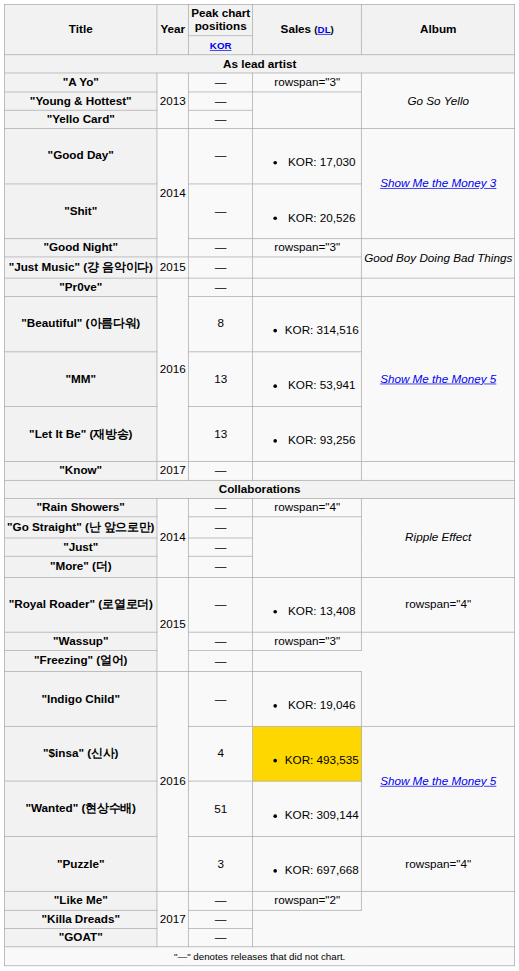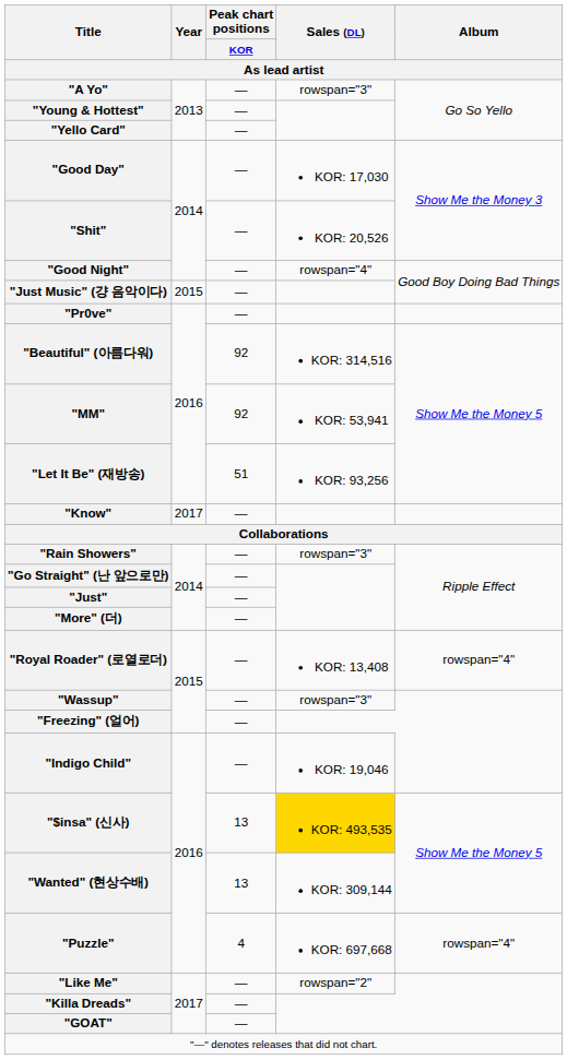 <table class="wikitable plainrowheaders" style="text-align:center;">
 <tr>
 <th scope="col" rowspan="2">Title</th>
 <th scope="col" rowspan="2">Year</th>
 <th scope="col" colspan="1">Peak chart <br> positions</th>
 <th scope="col" rowspan="2">Sales <small>(<a href='#'>DL</a>)</small></th>
 <th scope="col" rowspan="2">Album</th>
 </tr>
 <tr>
 <th><small><a href='#'>KOR</a></small><br></th>
 </tr>
 <tr>
 <th scope="col" colspan="5">As lead artist</th>
 </tr>
 <tr>
 <th scope="row">"A Yo"</th>
 <td rowspan="3">2013</td>
 <td>—</td>
 <td>rowspan="3" </td>
 <td rowspan="3"><em>Go So Yello</em></td>
 </tr>
 <tr>
 <th scope="row">"Young & Hottest"<br></th>
 <td>—</td>
 </tr>
 <tr>
 <th scope="row">"Yello Card"<br></th>
 <td>—</td>
 </tr>
 <tr>
 <th scope="row">"Good Day"<br></th>
 <td rowspan="3">2014</td>
 <td>—</td>
 <td><br><ul><li>KOR: 17,030</li></ul></td>
 <td rowspan="2"><em><a href='#'>Show Me the Money 3</a></em></td>
 </tr>
 <tr>
 <th scope="row">"Shit"</th>
 <td>—</td>
 <td><br><ul><li>KOR: 20,526</li></ul></td>
 </tr>
 <tr>
 <th scope="row">"Good Night"</th>
 <td>—</td>
-<td>rowspan="3" </td>
+<td>rowspan="4" </td>
 <td rowspan="2"><em>Good Boy Doing Bad Things</em></td>
 </tr>
 <tr>
 <th scope="row">"Just Music" (걍 음악이다)<br></th>
 <td>2015</td>
 <td>—</td>
 </tr>
 <tr>
 <th scope="row">"Pr0ve"</th>
 <td rowspan="4">2016</td>
 <td>—</td>
 <td></td>
 </tr>
 <tr>
 <th scope="row">"Beautiful" (아름다워)<br></th>
-<td>8</td>
+<td>92</td>
 <td><br><ul><li>KOR: 314,516</li></ul></td>
 <td rowspan="3"><em><a href='#'>Show Me the Money 5</a></em></td>
 </tr>
 <tr>
 <th scope="row">"MM"</th>
-<td>13</td>
+<td>92</td>
 <td><br><ul><li>KOR: 53,941</li></ul></td>
 </tr>
 <tr>
 <th scope="row">"Let It Be" (재방송)<br></th>
-<td>13</td>
+<td>51</td>
 <td><br><ul><li>KOR: 93,256</li></ul></td>
 </tr>
 <tr>
 <th scope="row">"Know"</th>
 <td>2017</td>
 <td>—</td>
 <td></td>
 <td></td>
 </tr>
 <tr>
 <th scope="col" colspan="5">Collaborations</th>
 </tr>
 <tr>
 <th scope="row">"Rain Showers"<br></th>
 <td rowspan="4">2014</td>
 <td>—</td>
-<td>rowspan="4" </td>
+<td>rowspan="3" </td>
 <td rowspan="4"><em>Ripple Effect</em></td>
 </tr>
 <tr>
 <th scope="row">"Go Straight" (난 앞으로만)<br></th>
 <td>—</td>
 </tr>
 <tr>
 <th scope="row">"Just"<br></th>
 <td>—</td>
 </tr>
 <tr>
 <th scope="row">"More" (더)<br></th>
 <td>—</td>
 </tr>
 <tr>
 <th scope="row">"Royal Roader" (로열로더)<br></th>
 <td rowspan="3">2015</td>
 <td>—</td>
 <td><br><ul><li>KOR: 13,408</li></ul></td>
 <td>rowspan="4" </td>
 </tr>
 <tr>
 <th scope="row">"Wassup"<br></th>
 <td>—</td>
 <td>rowspan="3" </td>
 </tr>
 <tr>
 <th scope="row">"Freezing" (얼어)<br></th>
 <td>—</td>
 </tr>
 <tr>
 <th scope="row">"Indigo Child"<br></th>
 <td rowspan="4">2016</td>
 <td>—</td>
 <td><br><ul><li>KOR: 19,046</li></ul></td>
 </tr>
 <tr>
 <th scope="row">"$insa" (신사)<br></th>
-<td>4</td>
+<td>13</td>
 <td style="background: gold;"><br><ul><li>KOR: 493,535</li></ul></td>
 <td rowspan="2"><em><a href='#'>Show Me the Money 5</a></em></td>
 </tr>
 <tr>
 <th scope="row">"Wanted" (현상수배)<br></th>
-<td>51</td>
+<td>13</td>
 <td><br><ul><li>KOR: 309,144</li></ul></td>
 </tr>
 <tr>
 <th scope="row">"Puzzle"<br></th>
-<td>3</td>
+<td>4</td>
 <td><br><ul><li>KOR: 697,668</li></ul></td>
 <td>rowspan="4" </td>
 </tr>
 <tr>
 <th scope="row">"Like Me"<br></th>
 <td rowspan="3">2017</td>
 <td>—</td>
 <td>rowspan="2" </td>
 </tr>
 <tr>
 <th scope="row">"Killa Dreads"<br></th>
 <td>—</td>
 </tr>
 <tr>
 <th scope="row">"GOAT"<br></th>
 <td>—</td>
 </tr>
 <tr>
 <td colspan="5" align="center"><small>"—" denotes releases that did not chart.</small></td>
 </tr>
 </table>
